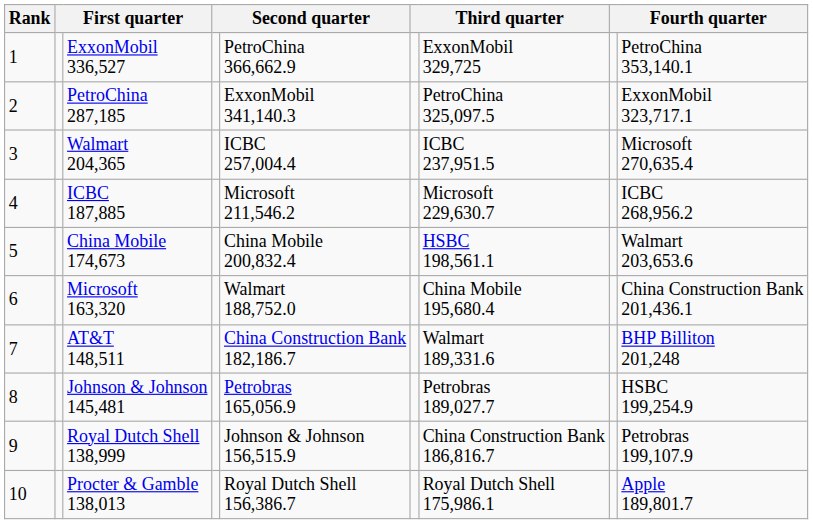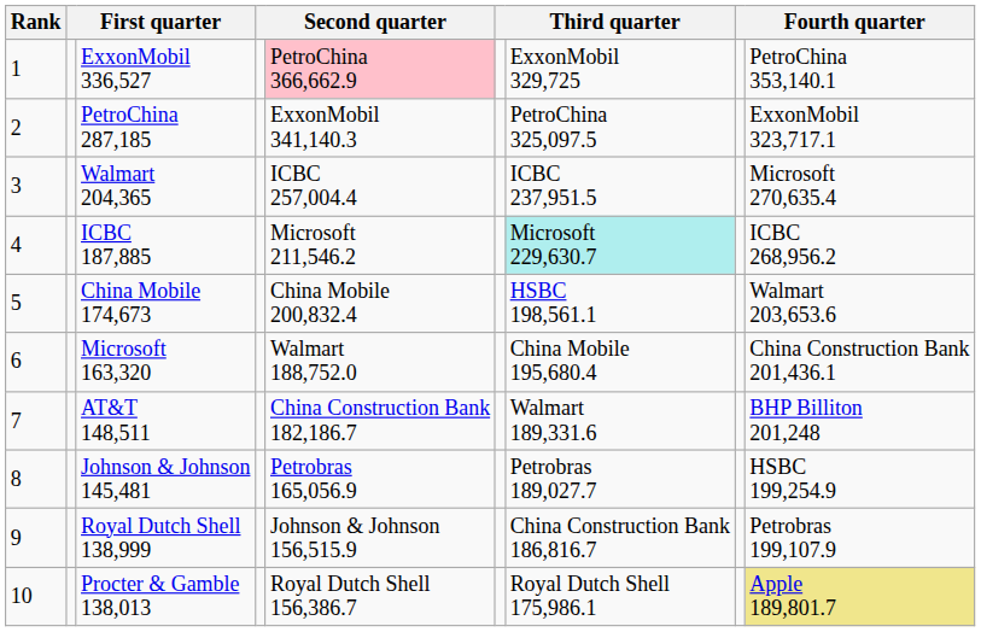 <table class="wikitable">
 <tr>
 <th>Rank</th>
 <th colspan=2>First quarter</th>
 <th colspan=2>Second quarter</th>
 <th colspan=2>Third quarter</th>
 <th colspan=2>Fourth quarter</th>
 </tr>
 <tr>
 <td>1</td>
 <td></td>
 <td><a href='#'>ExxonMobil</a> <br> 336,527</td>
 <td></td>
-<td>PetroChina <br>366,662.9</td>
+<td style="background: pink;">PetroChina <br>366,662.9</td>
 <td></td>
 <td>ExxonMobil <br> 329,725</td>
 <td></td>
 <td>PetroChina <br>353,140.1</td>
 </tr>
 <tr>
 <td>2</td>
 <td></td>
 <td><a href='#'>PetroChina</a> <br> 287,185</td>
 <td></td>
 <td>ExxonMobil <br>341,140.3</td>
 <td></td>
 <td>PetroChina <br> 325,097.5</td>
 <td></td>
 <td>ExxonMobil <br>323,717.1</td>
 </tr>
 <tr>
 <td>3</td>
 <td></td>
 <td><a href='#'>Walmart</a> <br> 204,365</td>
 <td></td>
 <td>ICBC <br>257,004.4</td>
 <td></td>
 <td>ICBC <br>237,951.5</td>
 <td></td>
 <td>Microsoft <br> 270,635.4</td>
 </tr>
 <tr>
 <td>4</td>
 <td></td>
 <td><a href='#'>ICBC</a> <br> 187,885</td>
 <td></td>
 <td>Microsoft <br>211,546.2</td>
 <td></td>
-<td>Microsoft <br> 229,630.7</td>
+<td style="background: paleturquoise;">Microsoft <br> 229,630.7</td>
 <td></td>
 <td>ICBC <br>268,956.2</td>
 </tr>
 <tr>
 <td>5</td>
 <td></td>
 <td><a href='#'>China Mobile</a> <br> 174,673</td>
 <td></td>
 <td>China Mobile <br>200,832.4</td>
 <td></td>
 <td><a href='#'>HSBC</a> <br> 198,561.1</td>
 <td></td>
 <td>Walmart <br>203,653.6</td>
 </tr>
 <tr>
 <td>6</td>
 <td></td>
 <td><a href='#'>Microsoft</a> <br> 163,320</td>
 <td></td>
 <td>Walmart <br> 188,752.0</td>
 <td></td>
 <td>China Mobile <br> 195,680.4</td>
 <td></td>
 <td>China Construction Bank <br> 201,436.1</td>
 </tr>
 <tr>
 <td>7</td>
 <td></td>
 <td><a href='#'>AT&T</a> <br> 148,511</td>
 <td></td>
 <td><a href='#'>China Construction Bank</a> <br> 182,186.7</td>
 <td></td>
 <td>Walmart <br> 189,331.6</td>
 <td> <br> </td>
 <td><a href='#'>BHP Billiton</a> <br> 201,248</td>
 </tr>
 <tr>
 <td>8</td>
 <td></td>
 <td><a href='#'>Johnson & Johnson</a> <br> 145,481</td>
 <td></td>
 <td><a href='#'>Petrobras</a> <br> 165,056.9</td>
 <td></td>
 <td>Petrobras <br> 189,027.7</td>
 <td></td>
 <td>HSBC <br> 199,254.9</td>
 </tr>
 <tr>
 <td>9</td>
 <td> <br> </td>
 <td><a href='#'>Royal Dutch Shell</a> <br> 138,999</td>
 <td></td>
 <td>Johnson & Johnson<br>156,515.9</td>
 <td></td>
 <td>China Construction Bank <br> 186,816.7</td>
 <td></td>
 <td>Petrobras <br> 199,107.9</td>
 </tr>
 <tr>
 <td>10</td>
 <td></td>
 <td><a href='#'>Procter & Gamble</a> <br> 138,013</td>
 <td> <br> </td>
 <td>Royal Dutch Shell<br>156,386.7</td>
 <td> <br></td>
 <td>Royal Dutch Shell<br>175,986.1</td>
 <td></td>
-<td><a href='#'>Apple</a> <br> 189,801.7</td>
+<td style="background: khaki;"><a href='#'>Apple</a> <br> 189,801.7</td>
 </tr>
 </table>
